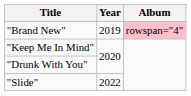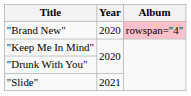 <table class="wikitable">
 <tr>
 <th>Title</th>
 <th>Year</th>
 <th>Album</th>
 </tr>
 <tr>
 <td>"Brand New"</td>
-<td>2019</td>
+<td>2020</td>
 <td style="background: pink;">rowspan="4" </td>
 </tr>
 <tr>
 <td>"Keep Me In Mind"</td>
 <td rowspan="2">2020</td>
 </tr>
 <tr>
 <td>"Drunk With You"</td>
 </tr>
 <tr>
 <td>"Slide"</td>
-<td>2022</td>
+<td>2021</td>
 </tr>
 </table>
